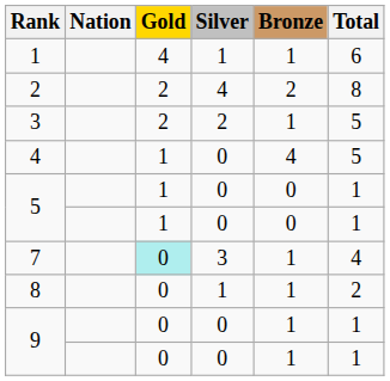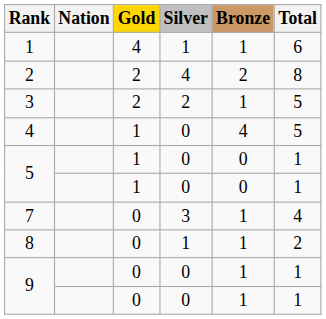 <table class="wikitable sortable" style="text-align:center">
 <tr>
 <th>Rank</th>
 <th>Nation</th>
 <th style="background-color:gold">Gold</th>
 <th style="background-color:silver">Silver</th>
 <th style="background-color:#cc9966">Bronze</th>
 <th>Total</th>
 </tr>
 <tr>
 <td>1</td>
 <td align=left></td>
 <td>4</td>
 <td>1</td>
 <td>1</td>
 <td>6</td>
 </tr>
 <tr>
 <td>2</td>
 <td align=left></td>
 <td>2</td>
 <td>4</td>
 <td>2</td>
 <td>8</td>
 </tr>
 <tr>
 <td>3</td>
 <td align=left></td>
 <td>2</td>
 <td>2</td>
 <td>1</td>
 <td>5</td>
 </tr>
 <tr>
 <td>4</td>
 <td align=left></td>
 <td>1</td>
 <td>0</td>
 <td>4</td>
 <td>5</td>
 </tr>
 <tr>
 <td rowspan=2>5</td>
 <td align=left></td>
 <td>1</td>
 <td>0</td>
 <td>0</td>
 <td>1</td>
 </tr>
 <tr>
 <td align=left></td>
 <td>1</td>
 <td>0</td>
 <td>0</td>
 <td>1</td>
 </tr>
 <tr>
 <td>7</td>
 <td align=left></td>
-<td style="background: paleturquoise;">0</td>
+<td>0</td>
 <td>3</td>
 <td>1</td>
 <td>4</td>
 </tr>
 <tr>
 <td>8</td>
 <td align=left></td>
 <td>0</td>
 <td>1</td>
 <td>1</td>
 <td>2</td>
 </tr>
 <tr>
 <td rowspan=2>9</td>
 <td align=left></td>
 <td>0</td>
 <td>0</td>
 <td>1</td>
 <td>1</td>
 </tr>
 <tr>
 <td align=left></td>
 <td>0</td>
 <td>0</td>
 <td>1</td>
 <td>1</td>
 </tr>
 </table>
